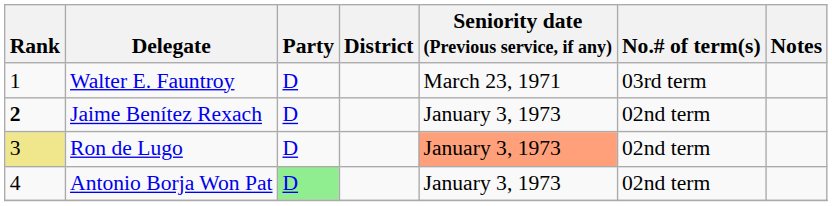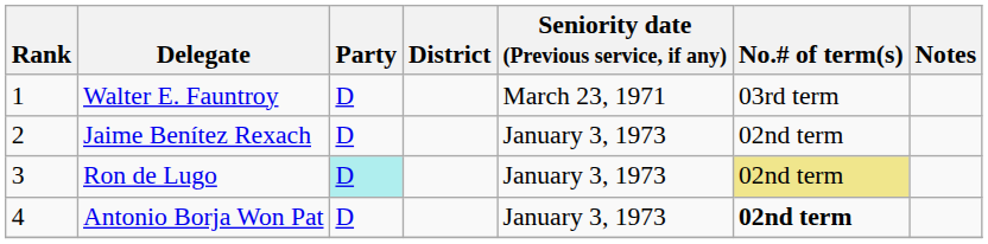 <table class="wikitable sortable">
 <tr valign=bottom>
 <th>Rank</th>
 <th>Delegate</th>
 <th>Party</th>
 <th>District</th>
 <th>Seniority date<br><small>(Previous service, if any)</small><br></th>
 <th>No.# of term(s)</th>
 <th>Notes</th>
 </tr>
 <tr>
 <td>1</td>
 <td><a href='#'>Walter E. Fauntroy</a></td>
 <td><a href='#'>D</a></td>
 <td></td>
 <td>March 23, 1971</td>
 <td>03rd term</td>
 <td></td>
 </tr>
 <tr>
-<td><strong>2</strong></td>
+<td>2</td>
 <td><a href='#'>Jaime Benítez Rexach</a></td>
 <td><a href='#'>D</a></td>
 <td></td>
 <td>January 3, 1973</td>
 <td>02nd term</td>
 <td></td>
 </tr>
 <tr>
-<td style="background: khaki;">3</td>
+<td>3</td>
 <td><a href='#'>Ron de Lugo</a></td>
-<td><a href='#'>D</a></td>
+<td style="background: paleturquoise;"><a href='#'>D</a></td>
 <td></td>
-<td style="background: lightsalmon;">January 3, 1973</td>
-<td>02nd term</td>
+<td>January 3, 1973</td>
+<td style="background: khaki;">02nd term</td>
 <td></td>
 </tr>
 <tr>
 <td>4</td>
 <td><a href='#'>Antonio Borja Won Pat</a></td>
-<td style="background: lightgreen;"><a href='#'>D</a></td>
+<td><a href='#'>D</a></td>
 <td></td>
 <td>January 3, 1973</td>
-<td>02nd term</td>
+<td><strong>02nd term</strong></td>
 <td></td>
 </tr>
 <tr>
 </tr>
 </table>
